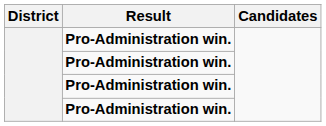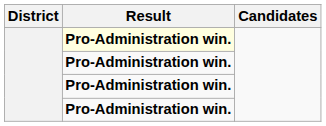 <table class=wikitable>
 <tr valign=bottom>
 <th>District</th>
 <th>Result</th>
 <th>Candidates</th>
 </tr>
 <tr>
 <th rowspan=4><br></th>
-<td><strong>Pro-Administration win.</strong></td>
+<td style="background: lightyellow;"><strong>Pro-Administration win.</strong></td>
 <td rowspan=4 nowrap><br></td>
 </tr>
 <tr>
 <td><strong>Pro-Administration win.</strong></td>
 </tr>
 <tr>
 <td><strong>Pro-Administration win.</strong></td>
 </tr>
 <tr>
 <td><strong>Pro-Administration win.</strong></td>
 </tr>
 </table>
